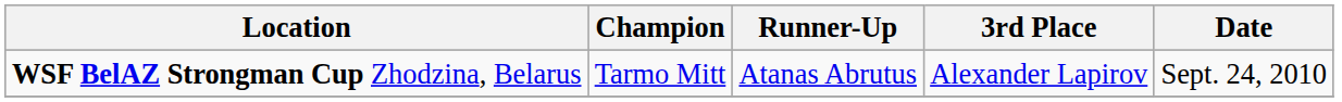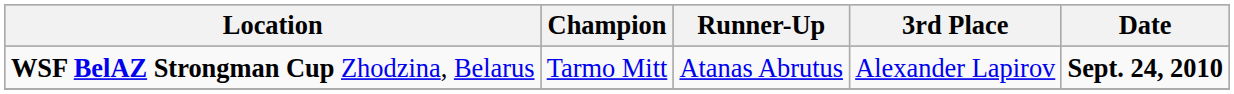 <table class="wikitable">
 <tr>
 <th>Location</th>
 <th>Champion</th>
 <th>Runner-Up</th>
 <th>3rd Place</th>
 <th>Date</th>
 </tr>
 <tr>
 <td><strong>WSF <a href='#'>BelAZ</a> Strongman Cup</strong>  <a href='#'>Zhodzina</a>, <a href='#'>Belarus</a></td>
 <td> <a href='#'>Tarmo Mitt</a></td>
 <td> <a href='#'>Atanas Abrutus</a></td>
 <td> <a href='#'>Alexander Lapirov</a></td>
-<td>Sept. 24, 2010</td>
+<td><strong>Sept. 24, 2010</strong></td>
 </tr>
 <tr>
 </tr>
 </table>
